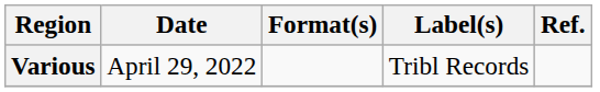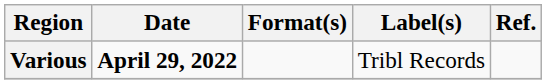 <table class="wikitable plainrowheaders">
 <tr>
 <th scope="col">Region</th>
 <th scope="col">Date</th>
 <th scope="col">Format(s)</th>
 <th scope="col">Label(s)</th>
 <th scope="col">Ref.</th>
 </tr>
 <tr>
 <th scope="row">Various</th>
-<td>April 29, 2022</td>
+<td><strong>April 29, 2022</strong></td>
 <td></td>
 <td>Tribl Records</td>
 <td></td>
 </tr>
 <tr>
 </tr>
 </table>
